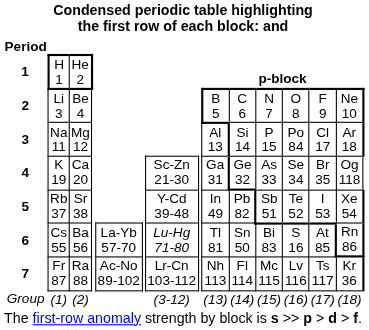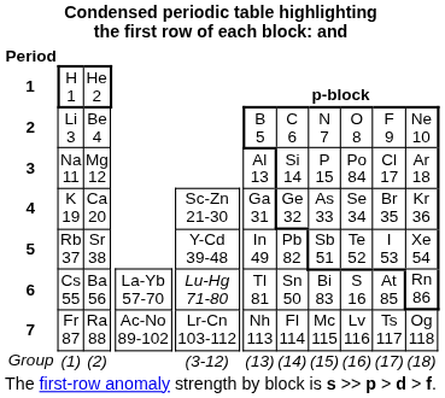 <table class=" floatright" style="border-collapse:collapse; text-align:center;font-size:80%;line-height:1.1;margin-top:1.2em;">
 <tr>
 <td colspan=14 style="padding-bottom:3px;border:none;text-align:center;font-size:105%"><strong>Condensed periodic table highlighting<br>the first row of each block:    and </strong></td>
 </tr>
 <tr>
 <td colspan=1><strong>Period</strong></td>
 <td colspan=2><strong></strong></td>
 <td rowspan=9 style="padding:1px;"></td>
 <td colspan=1></td>
 <td rowspan=9 style="padding:1px;"></td>
 <td colspan=1></td>
 <td rowspan=9 style="padding:1px;"></td>
 <td colspan=6></td>
 </tr>
 <tr>
 <td><strong>1</strong></td>
 <td style="border:solid black;border-width:2px 1px 2px 2px;background-color:">H <br>1</td>
 <td style="border:solid black;border-width:2px 2px 2px 1px;background-color:">He<br>2</td>
 <td></td>
 <td></td>
 <td colspan=6><br><strong>p-block</strong></td>
 </tr>
 <tr>
 <td><strong>2</strong></td>
 <td style="border:solid black;border-width:1px 1px 1px 1px;">Li<br>3</td>
 <td style="border:solid black;border-width:1px 1px 1px 1px;">Be<br>4</td>
 <td></td>
 <td></td>
 <td style="border:solid black;border-width:2px 1px 2px 2px;background-color:">B <br>5</td>
 <td style="border:solid black;border-width:2px 1px 1px 1px;background-color:">C <br>6</td>
 <td style="border:solid black;border-width:2px 1px 1px 1px;background-color:">N <br>7</td>
 <td style="border:solid black;border-width:2px 1px 1px 1px;background-color:">O <br>8</td>
 <td style="border:solid black;border-width:2px 1px 1px 1px;background-color:">F <br>9</td>
 <td style="border:solid black;border-width:2px 2px 1px 1px;background-color:">Ne<br>10</td>
 </tr>
 <tr>
 <td><strong>3</strong></td>
 <td style="border:solid black;border-width:1px 1px 1px 1px;">Na<br>11</td>
 <td style="border:solid black;border-width:1px 1px 1px 1px;">Mg<br>12</td>
 <td></td>
 <td><br><strong></strong></td>
 <td style="border:solid black;border-width:1px 1px 1px 1px;">Al<br>13</td>
 <td style="border:solid black;border-width:1px 1px 1px 2px;">Si<br>14</td>
 <td style="border:solid black;border-width:1px 1px 1px 1px;">P <br>15</td>
 <td style="border:solid black;border-width:1px 1px 1px 1px;">Po<br>84</td>
 <td style="border:solid black;border-width:1px 1px 1px 1px;">Cl<br>17</td>
 <td style="border:solid black;border-width:1px 2px 1px 1px;">Ar<br>18</td>
 </tr>
 <tr>
 <td><strong>4</strong></td>
 <td style="border:solid black;border-width:1px 1px 1px 1px;">K <br>19</td>
 <td style="border:solid black;border-width:1px 1px 1px 1px;">Ca<br>20</td>
 <td></td>
 <td style="border:solid black;border-width:1px 1px 1px 1px;background-color:">Sc-Zn<br>21-30</td>
 <td style="border:solid black;border-width:1px 1px 1px 1px;">Ga<br>31</td>
 <td style="border:solid black;border-width:1px 1px 2px 2px;">Ge<br>32</td>
 <td style="border:solid black;border-width:1px 1px 1px 1px;">As<br>33</td>
 <td style="border:solid black;border-width:1px 1px 1px 1px;">Se<br>34</td>
 <td style="border:solid black;border-width:1px 1px 1px 1px;">Br<br>35</td>
-<td style="border:solid black;border-width:1px 1px 1px 1px;">Og<br>118</td>
+<td style="border:solid black;border-width:1px 2px 1px 1px;">Kr<br>36</td>
 </tr>
 <tr>
 <td><strong>5</strong></td>
 <td style="border:solid black;border-width:1px 1px 1px 1px;">Rb<br>37</td>
 <td style="border:solid black;border-width:1px 1px 1px 1px;">Sr<br>38</td>
 <td><br><strong></strong></td>
 <td style="border:solid black;border-width:1px 1px 1px 1px;">Y-Cd<br>39-48</td>
 <td style="border:solid black;border-width:1px 1px 1px 1px;">In<br>49</td>
 <td style="border:solid black;border-width:1px 1px 1px 1px;">Pb<br>82</td>
 <td style="border:solid black;border-width:1px 1px 2px 2px;">Sb<br>51</td>
 <td style="border:solid black;border-width:1px 1px 2px 1px;">Te<br>52</td>
 <td style="border:solid black;border-width:1px 1px 2px 1px;">I <br>53</td>
 <td style="border:solid black;border-width:1px 2px 1px 1px;">Xe<br>54</td>
 </tr>
 <tr>
 <td><strong>6</strong></td>
 <td style="border:solid black;border-width:1px 1px 1px 1px;">Cs<br>55</td>
 <td style="border:solid black;border-width:1px 1px 1px 1px;">Ba<br>56</td>
 <td style="border:solid black;border-width:1px 1px 1px 1px;background-color:">La-Yb<br>57-70</td>
 <td style="border:solid black;border-width:1px 1px 1px 1px;"><em>Lu-Hg<br>71-80</em></td>
 <td style="border:solid black;border-width:1px 1px 1px 1px;">Tl<br>81</td>
 <td style="border:solid black;border-width:1px 1px 1px 1px;">Sn<br>50</td>
 <td style="border:solid black;border-width:1px 1px 1px 1px;">Bi<br>83</td>
 <td style="border:solid black;border-width:1px 1px 1px 1px;">S <br>16</td>
 <td style="border:solid black;border-width:1px 1px 1px 1px;">At<br>85</td>
 <td style="border:solid black;border-width:1px 2px 2px 2px;">Rn<br>86</td>
 </tr>
 <tr>
 <td><strong>7</strong></td>
 <td style="border:solid black;border-width:1px 1px 1px 1px;">Fr<br>87</td>
 <td style="border:solid black;border-width:1px 1px 1px 1px;">Ra<br>88</td>
 <td style="border:solid black;border-width:1px 1px 1px 1px;">Ac-No<br>89-102</td>
 <td style="border:solid black;border-width:1px 1px 1px 1px;">Lr-Cn<br>103-112</td>
 <td style="border:solid black;border-width:1px 1px 1px 1px;">Nh<br>113</td>
 <td style="border:solid black;border-width:1px 1px 1px 1px;">Fl<br>114</td>
 <td style="border:solid black;border-width:1px 1px 1px 1px;">Mc<br>115</td>
 <td style="border:solid black;border-width:1px 1px 1px 1px;">Lv<br>116</td>
 <td style="border:solid black;border-width:1px 1px 1px 1px;">Ts<br>117</td>
-<td style="border:solid black;border-width:1px 2px 1px 1px;">Kr<br>36</td>
+<td style="border:solid black;border-width:1px 1px 1px 1px;">Og<br>118</td>
 </tr>
 <tr>
 <td><em>Group</em></td>
 <td><em>(1)</em></td>
 <td><em>(2)</em></td>
 <td></td>
 <td><em>(3-12)</em></td>
 <td><em>(13)</em></td>
 <td><em>(14)</em></td>
 <td><em>(15)</em></td>
 <td><em>(16)</em></td>
 <td><em>(17)</em></td>
 <td><em>(18)</em></td>
 </tr>
 <tr>
 <td colspan=14 style="border:none;"></td>
 </tr>
 <tr>
 <td colspan=14 style="border:none; text-align:Center;font-size:105%;">The <a href='#'>first-row anomaly</a> strength by block is <strong>s</strong> >> <strong>p</strong> > <strong>d</strong> > <strong>f</strong>.</td>
 </tr>
 </table>
